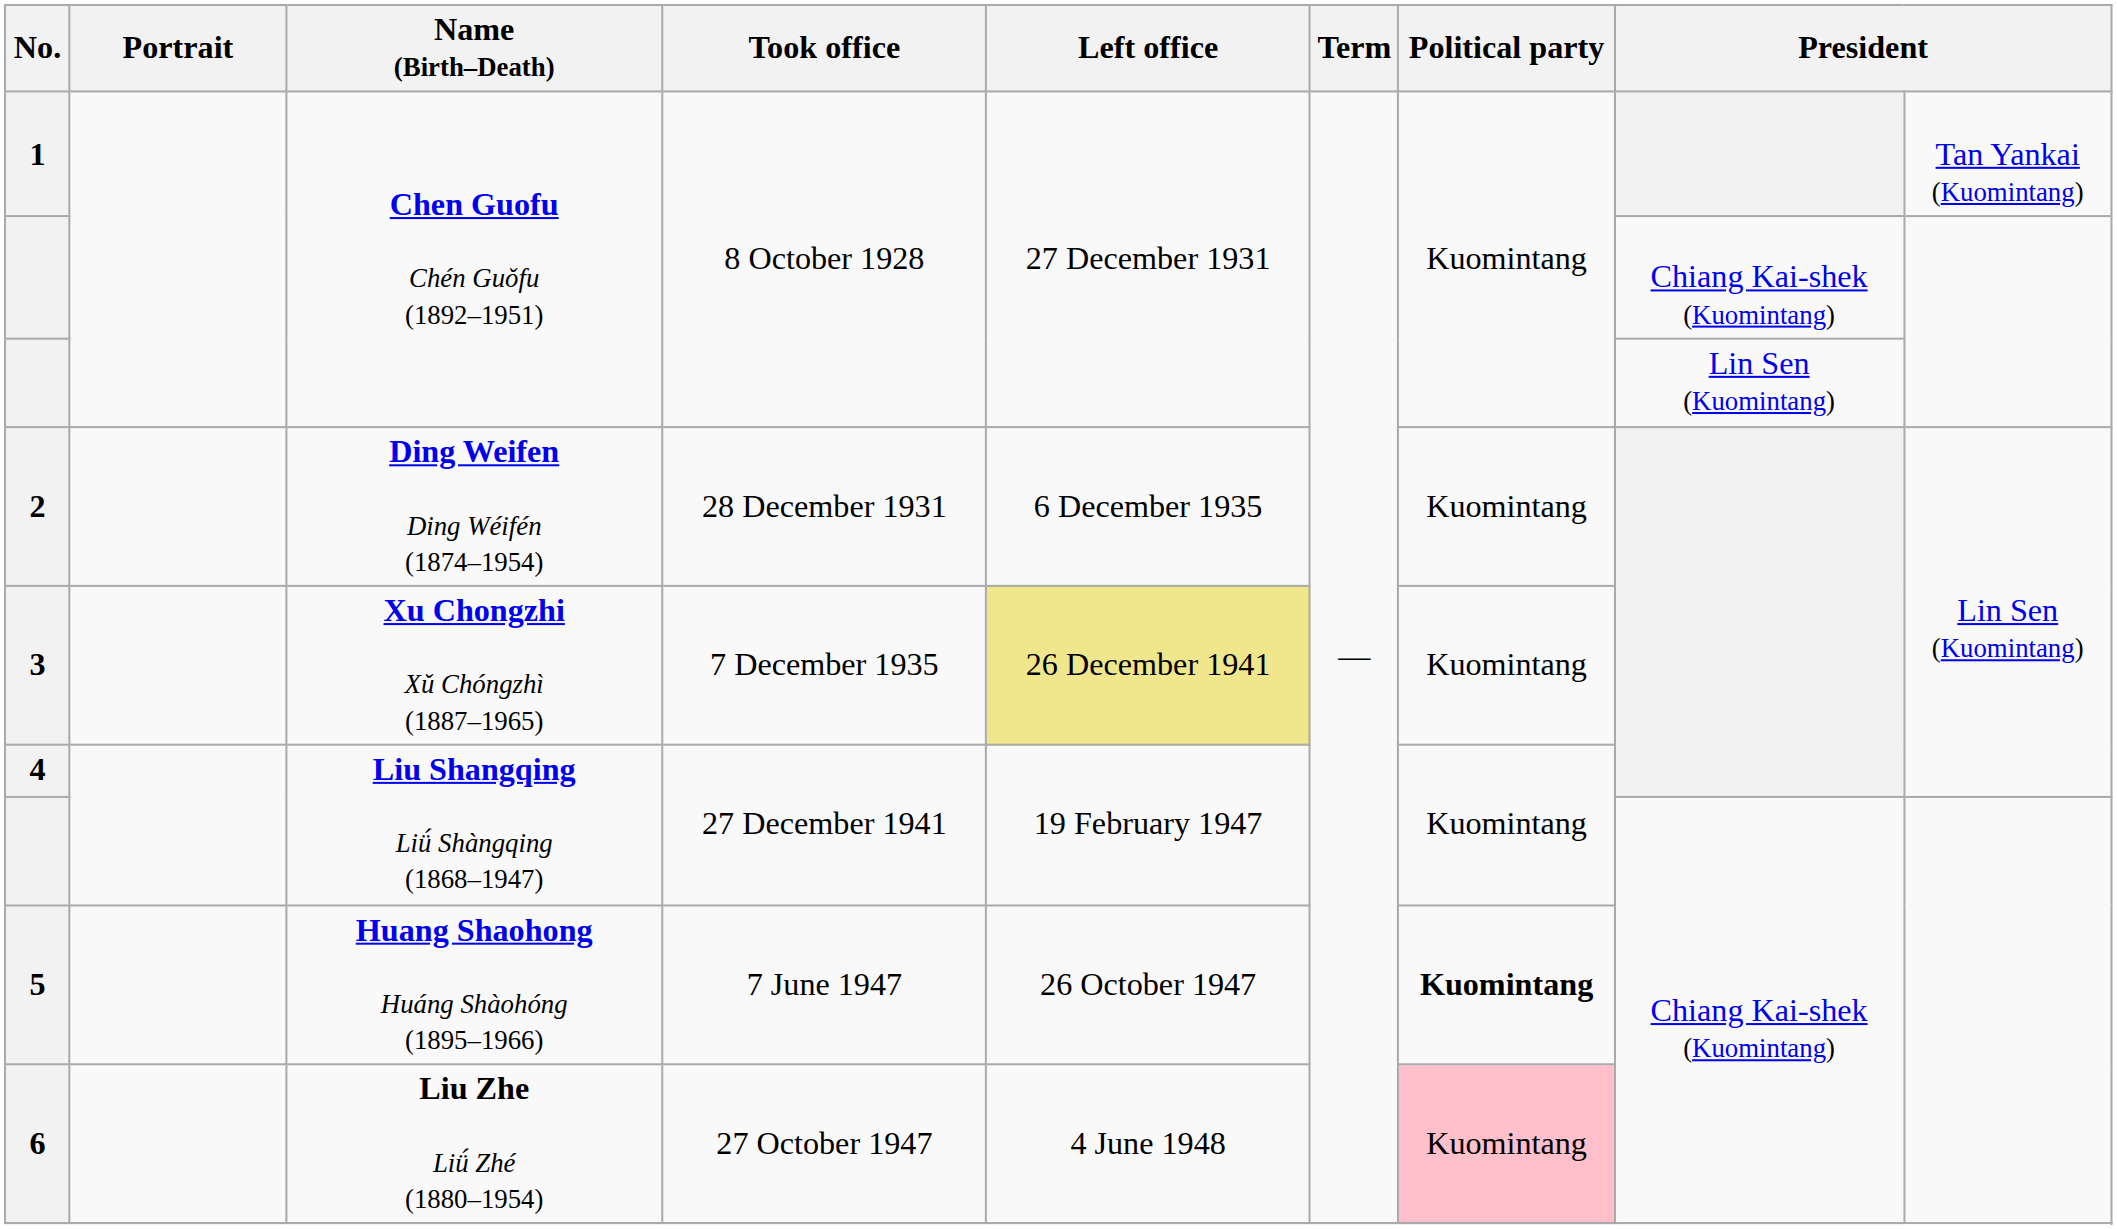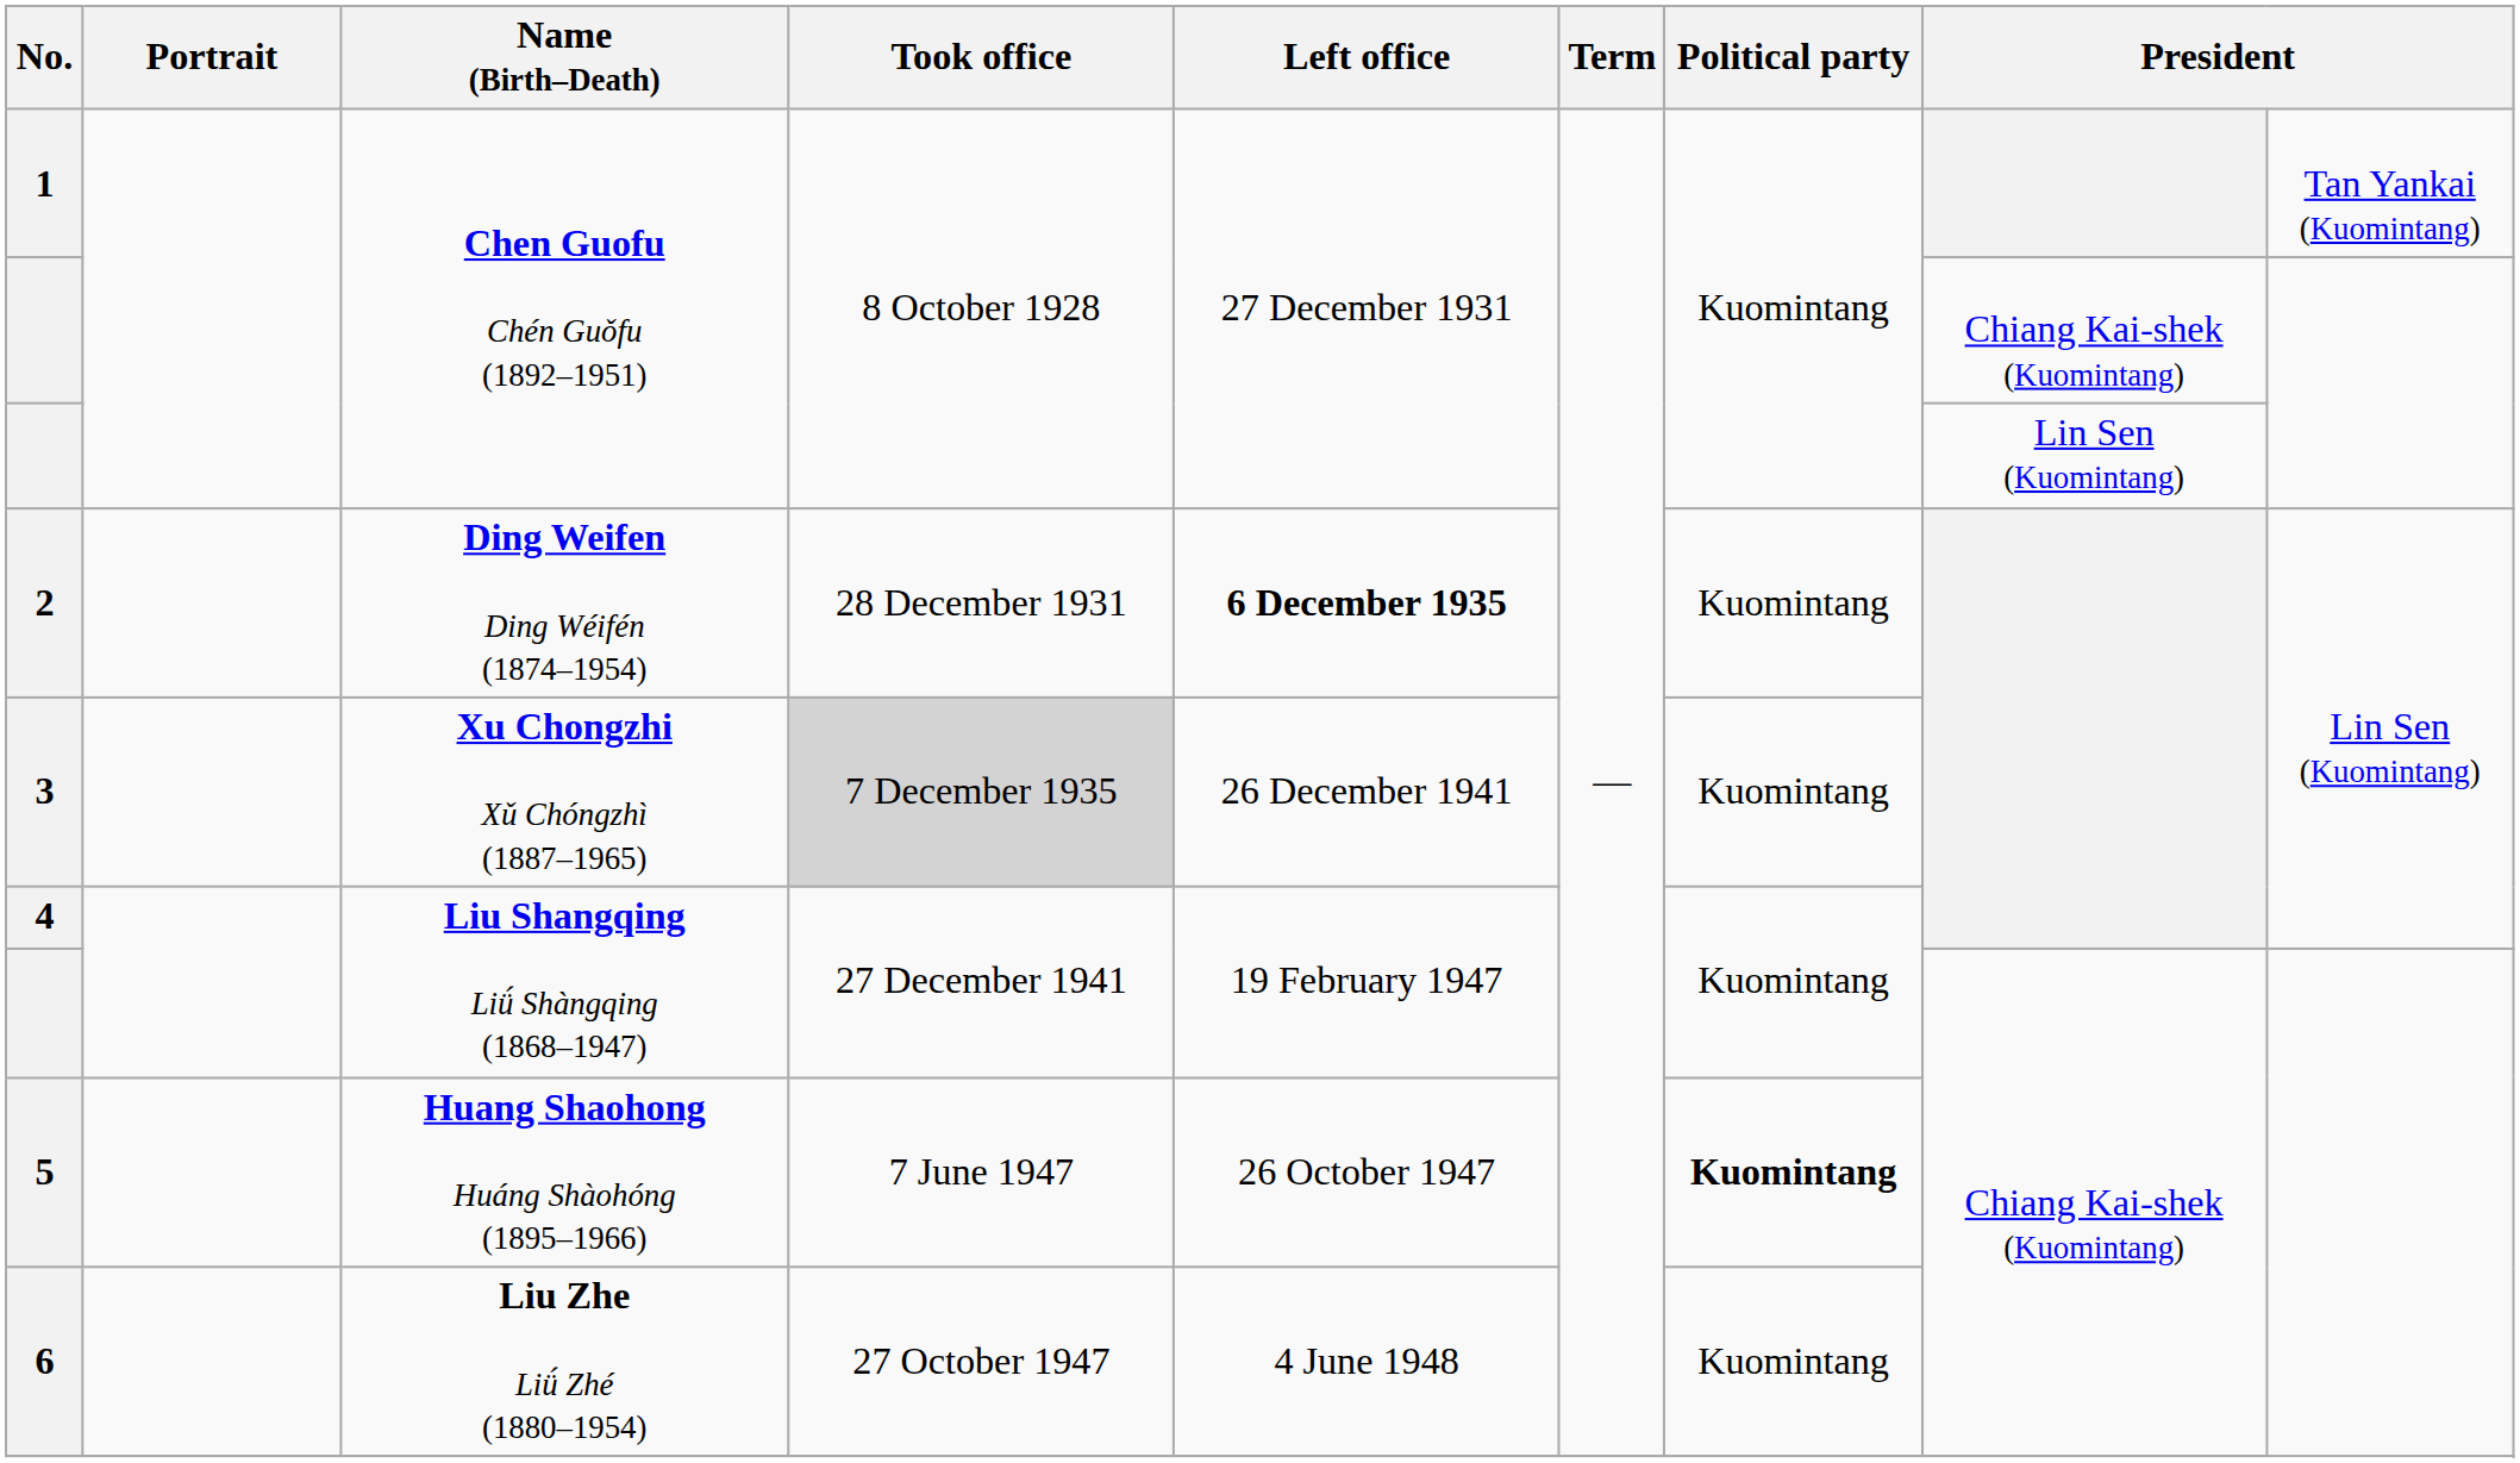 <table class="wikitable"  style="text-align:center"  width="83%">
 <tr>
 <th style="width:25px;">No.</th>
 <th style="width:100px;">Portrait</th>
 <th width=180px>Name<br><small>(Birth–Death)</small></th>
 <th>Took office</th>
 <th>Left office</th>
 <th style="width:25px;">Term</th>
 <th style="width:100px;">Political party</th>
 <th colspan=2 width="width:200px">President</th>
 </tr>
 <tr ->
 <th style="background:">1</th>
 <td rowspan=3 align=center></td>
 <td rowspan=3 align=center><strong><a href='#'>Chen Guofu</a></strong><br><br><small><em>Chén Guǒfu</em><br>(1892–1951)</small></td>
 <td rowspan=3>8 October 1928</td>
 <td rowspan=3>27 December 1931</td>
 <td rowspan=9>—</td>
 <td rowspan=3>Kuomintang</td>
 <th style="background:"></th>
 <td><br><a href='#'>Tan Yankai</a><br><small>(<a href='#'>Kuomintang</a>)</small></td>
 </tr>
 <tr>
 <th style="background:"></th>
 <td><br><a href='#'>Chiang Kai-shek</a><br><small>(<a href='#'>Kuomintang</a>)</small></td>
 </tr>
 <tr ->
 <th style="background:"></th>
 <td><a href='#'>Lin Sen</a><br><small>(<a href='#'>Kuomintang</a>)</small></td>
 </tr>
 <tr ->
 <th style="background:">2</th>
 <td align=center></td>
 <td align=center><strong><a href='#'>Ding Weifen</a></strong><br><br><small><em>Ding Wéifén</em><br>(1874–1954)</small></td>
 <td>28 December 1931</td>
-<td>6 December 1935</td>
+<td><strong>6 December 1935</strong></td>
 <td>Kuomintang</td>
 <th rowspan=3 style="background:"></th>
 <td rowspan=3><br><a href='#'>Lin Sen</a><br><small>(<a href='#'>Kuomintang</a>)</small></td>
 </tr>
 <tr ->
 <th style="background:">3</th>
 <td align=center></td>
 <td align=center><strong><a href='#'>Xu Chongzhi</a></strong><br><br><small><em>Xǔ Chóngzhì</em><br>(1887–1965)</small></td>
-<td>7 December 1935</td>
-<td style="background: khaki;">26 December 1941</td>
+<td style="background: lightgrey;">7 December 1935</td>
+<td>26 December 1941</td>
 <td>Kuomintang</td>
 </tr>
 <tr ->
 <th style="background:">4</th>
 <td rowspan=2 align=center></td>
 <td rowspan=2 align=center><strong><a href='#'>Liu Shangqing</a></strong><br><br><small><em>Liǘ Shàngqing</em><br>(1868–1947)</small></td>
 <td rowspan=2>27 December 1941</td>
 <td rowspan=2>19 February 1947</td>
 <td rowspan=2>Kuomintang</td>
 </tr>
 <tr>
 <th style="background:"></th>
 <td rowspan=3><br><a href='#'>Chiang Kai-shek</a><br><small>(<a href='#'>Kuomintang</a>)</small></td>
 </tr>
 <tr ->
 <th style="background:">5</th>
 <td align=center></td>
 <td align=center><strong><a href='#'>Huang Shaohong</a></strong><br><br><small><em>Huáng Shàohóng</em><br>(1895–1966)</small></td>
 <td>7 June 1947</td>
 <td>26 October 1947</td>
 <td><strong>Kuomintang</strong></td>
 </tr>
 <tr ->
 <th style="background:">6</th>
 <td align=center></td>
 <td align=center><strong>Liu Zhe</strong><br><br><small><em>Liǘ Zhé</em><br>(1880–1954)</small></td>
 <td>27 October 1947</td>
 <td>4 June 1948</td>
-<td style="background: pink;">Kuomintang</td>
+<td>Kuomintang</td>
 </tr>
 <tr ->
 </tr>
 </table>
